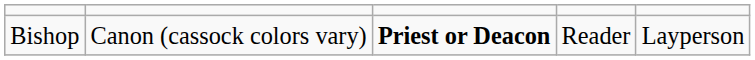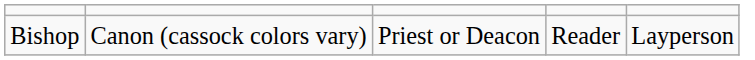 <table class="wikitable">
 <tr>
 <td></td>
 <td></td>
 <td></td>
 <td></td>
 <td></td>
 </tr>
 <tr>
 <td>Bishop</td>
 <td>Canon (cassock colors vary)</td>
-<td><strong>Priest or Deacon</strong></td>
+<td>Priest or Deacon</td>
 <td>Reader</td>
 <td>Layperson</td>
 </tr>
 </table>
